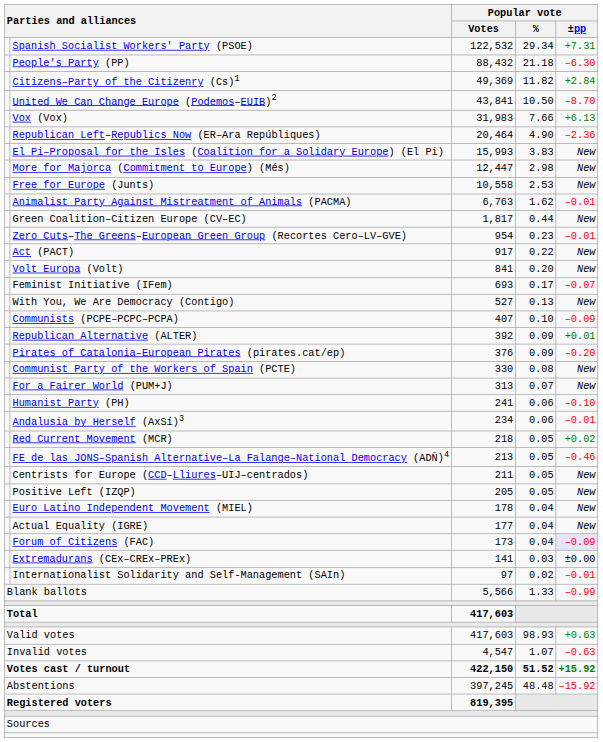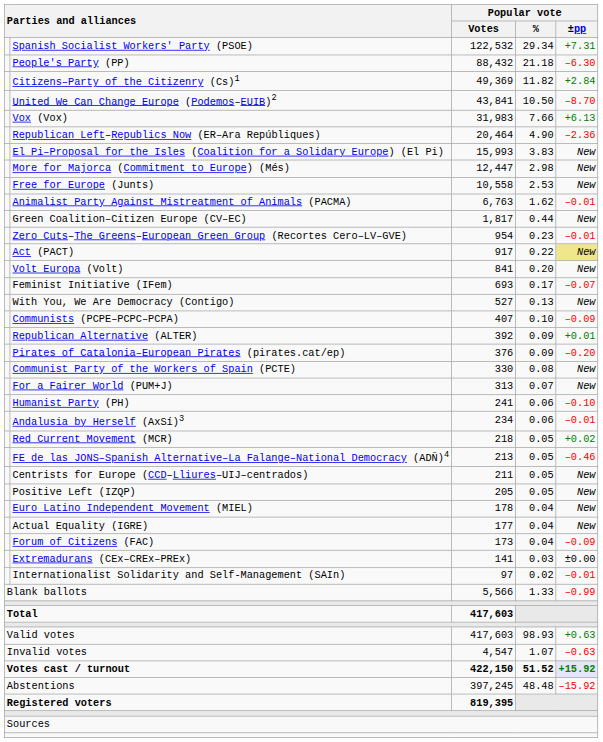 <table class="wikitable" style="text-align:right;">
 <tr>
 <th style="text-align:left;" rowspan="2" colspan="2" width="525">Parties and alliances</th>
 <th colspan="3">Popular vote</th>
 </tr>
 <tr>
 <th width="75">Votes</th>
 <th width="45">%</th>
 <th width="45">±<a href='#'>pp</a></th>
 </tr>
 <tr>
 <td width="1" style="color:inherit;background:"></td>
 <td align="left"><a href='#'>Spanish Socialist Workers' Party</a> (PSOE)</td>
 <td>122,532</td>
 <td>29.34</td>
 <td style="color:green;">+7.31</td>
 </tr>
 <tr>
 <td style="color:inherit;background:"></td>
 <td align="left"><a href='#'>People's Party</a> (PP)</td>
 <td>88,432</td>
 <td>21.18</td>
 <td style="color:red;">–6.30</td>
 </tr>
 <tr>
 <td style="color:inherit;background:"></td>
 <td align="left"><a href='#'>Citizens–Party of the Citizenry</a> (Cs)<sup>1</sup></td>
 <td>49,369</td>
 <td>11.82</td>
 <td style="color:green;">+2.84</td>
 </tr>
 <tr>
 <td style="color:inherit;background:"></td>
 <td align="left"><a href='#'>United We Can Change Europe</a> (<a href='#'>Podemos</a>–<a href='#'>EUIB</a>)<sup>2</sup></td>
 <td>43,841</td>
 <td>10.50</td>
 <td style="color:red;">–8.70</td>
 </tr>
 <tr>
 <td style="color:inherit;background:"></td>
 <td align="left"><a href='#'>Vox</a> (Vox)</td>
 <td>31,983</td>
 <td>7.66</td>
 <td style="color:green;">+6.13</td>
 </tr>
 <tr>
 <td style="color:inherit;background:"></td>
 <td align="left"><a href='#'>Republican Left</a>–<a href='#'>Republics Now</a> (ER–Ara Repúbliques)</td>
 <td>20,464</td>
 <td>4.90</td>
 <td style="color:red;">–2.36</td>
 </tr>
 <tr>
 <td style="color:inherit;background:"></td>
 <td align="left"><a href='#'>El Pi–Proposal for the Isles</a> (<a href='#'>Coalition for a Solidary Europe</a>) (El Pi)</td>
 <td>15,993</td>
 <td>3.83</td>
 <td><em>New</em></td>
 </tr>
 <tr>
 <td style="color:inherit;background:"></td>
 <td align="left"><a href='#'>More for Majorca</a> (<a href='#'>Commitment to Europe</a>) (Més)</td>
 <td>12,447</td>
 <td>2.98</td>
 <td><em>New</em></td>
 </tr>
 <tr>
 <td style="color:inherit;background:"></td>
 <td align="left"><a href='#'>Free for Europe</a> (Junts)</td>
 <td>10,558</td>
 <td>2.53</td>
 <td><em>New</em></td>
 </tr>
 <tr>
 <td style="color:inherit;background:"></td>
 <td align="left"><a href='#'>Animalist Party Against Mistreatment of Animals</a> (PACMA)</td>
 <td>6,763</td>
 <td>1.62</td>
 <td style="color:red;">–0.01</td>
 </tr>
 <tr>
 <td style="color:inherit;background:"></td>
 <td align="left">Green Coalition–Citizen Europe (CV–EC)</td>
 <td>1,817</td>
 <td>0.44</td>
 <td><em>New</em></td>
 </tr>
 <tr>
 <td style="color:inherit;background:"></td>
 <td align="left"><a href='#'>Zero Cuts</a>–<a href='#'>The Greens</a>–<a href='#'>European Green Group</a> (Recortes Cero–LV–GVE)</td>
 <td>954</td>
 <td>0.23</td>
 <td style="color:red;">–0.01</td>
 </tr>
 <tr>
 <td style="color:inherit;background:"></td>
 <td align="left"><a href='#'>Act</a> (PACT)</td>
 <td>917</td>
 <td>0.22</td>
-<td><em>New</em></td>
+<td style="background: khaki;"><em>New</em></td>
 </tr>
 <tr>
 <td style="color:inherit;background:"></td>
 <td align="left"><a href='#'>Volt Europa</a> (Volt)</td>
 <td>841</td>
 <td>0.20</td>
 <td><em>New</em></td>
 </tr>
 <tr>
 <td style="color:inherit;background:"></td>
 <td align="left">Feminist Initiative (IFem)</td>
 <td>693</td>
 <td>0.17</td>
 <td style="color:red;">–0.07</td>
 </tr>
 <tr>
 <td style="color:inherit;background:"></td>
 <td align="left">With You, We Are Democracy (Contigo)</td>
 <td>527</td>
 <td>0.13</td>
 <td><em>New</em></td>
 </tr>
 <tr>
 <td style="color:inherit;background:"></td>
 <td align="left"><a href='#'>Communists</a> (PCPE–PCPC–PCPA)</td>
 <td>407</td>
 <td>0.10</td>
 <td style="color:red;">–0.09</td>
 </tr>
 <tr>
 <td style="color:inherit;background:"></td>
 <td align="left"><a href='#'>Republican Alternative</a> (ALTER)</td>
 <td>392</td>
 <td>0.09</td>
 <td style="color:green;">+0.01</td>
 </tr>
 <tr>
 <td style="color:inherit;background:"></td>
 <td align="left"><a href='#'>Pirates of Catalonia–European Pirates</a> (pirates.cat/ep)</td>
 <td>376</td>
 <td>0.09</td>
 <td style="color:red;">–0.20</td>
 </tr>
 <tr>
 <td style="color:inherit;background:"></td>
 <td align="left"><a href='#'>Communist Party of the Workers of Spain</a> (PCTE)</td>
 <td>330</td>
 <td>0.08</td>
 <td><em>New</em></td>
 </tr>
 <tr>
 <td style="color:inherit;background:"></td>
 <td align="left"><a href='#'>For a Fairer World</a> (PUM+J)</td>
 <td>313</td>
 <td>0.07</td>
 <td><em>New</em></td>
 </tr>
 <tr>
 <td style="color:inherit;background:"></td>
 <td align="left"><a href='#'>Humanist Party</a> (PH)</td>
 <td>241</td>
 <td>0.06</td>
 <td style="color:red;">–0.10</td>
 </tr>
 <tr>
 <td style="color:inherit;background:"></td>
 <td align="left"><a href='#'>Andalusia by Herself</a> (AxSí)<sup>3</sup></td>
 <td>234</td>
 <td>0.06</td>
 <td style="color:red;">–0.01</td>
 </tr>
 <tr>
 <td style="color:inherit;background:"></td>
 <td align="left"><a href='#'>Red Current Movement</a> (MCR)</td>
 <td>218</td>
 <td>0.05</td>
 <td style="color:green;">+0.02</td>
 </tr>
 <tr>
 <td style="color:inherit;background:"></td>
 <td align="left"><a href='#'>FE de las JONS–Spanish Alternative–La Falange–National Democracy</a> (ADÑ)<sup>4</sup></td>
 <td>213</td>
 <td>0.05</td>
 <td style="color:red;">–0.46</td>
 </tr>
 <tr>
 <td style="color:inherit;background:"></td>
 <td align="left">Centrists for Europe (<a href='#'>CCD</a>–<a href='#'>Lliures</a>–UIJ–centrados)</td>
 <td>211</td>
 <td>0.05</td>
 <td><em>New</em></td>
 </tr>
 <tr>
 <td style="color:inherit;background:"></td>
 <td align="left">Positive Left (IZQP)</td>
 <td>205</td>
 <td>0.05</td>
 <td><em>New</em></td>
 </tr>
 <tr>
 <td style="color:inherit;background:"></td>
 <td align="left"><a href='#'>Euro Latino Independent Movement</a> (MIEL)</td>
 <td>178</td>
 <td>0.04</td>
 <td><em>New</em></td>
 </tr>
 <tr>
 <td style="color:inherit;background:"></td>
 <td align="left">Actual Equality (IGRE)</td>
 <td>177</td>
 <td>0.04</td>
 <td><em>New</em></td>
 </tr>
 <tr>
 <td style="color:inherit;background:"></td>
 <td align="left"><a href='#'>Forum of Citizens</a> (FAC)</td>
 <td>173</td>
 <td>0.04</td>
-<td style="background: lavender; color:red;">–0.09</td>
+<td style="color:red;">–0.09</td>
 </tr>
 <tr>
 <td style="color:inherit;background:"></td>
 <td align="left"><a href='#'>Extremadurans</a> (CEx–CREx–PREx)</td>
 <td>141</td>
 <td>0.03</td>
 <td>±0.00</td>
 </tr>
 <tr>
 <td style="color:inherit;background:"></td>
 <td align="left">Internationalist Solidarity and Self-Management (SAIn)</td>
 <td>97</td>
 <td>0.02</td>
 <td style="color:red;">–0.01</td>
 </tr>
 <tr>
 <td align="left" colspan="2">Blank ballots</td>
 <td>5,566</td>
 <td>1.33</td>
 <td style="color:red;">–0.99</td>
 </tr>
 <tr>
 <td colspan="5" bgcolor="#E9E9E9"></td>
 </tr>
 <tr style="font-weight:bold;">
 <td align="left" colspan="2">Total</td>
 <td>417,603</td>
 <td bgcolor="#E9E9E9" colspan="2"></td>
 </tr>
 <tr>
 <td colspan="5" bgcolor="#E9E9E9"></td>
 </tr>
 <tr>
 <td align="left" colspan="2">Valid votes</td>
 <td>417,603</td>
 <td>98.93</td>
 <td style="color:green;">+0.63</td>
 </tr>
 <tr>
 <td align="left" colspan="2">Invalid votes</td>
 <td>4,547</td>
 <td>1.07</td>
 <td style="color:red;">–0.63</td>
 </tr>
 <tr style="font-weight:bold;">
 <td align="left" colspan="2">Votes cast / turnout</td>
 <td>422,150</td>
 <td>51.52</td>
-<td style="color:green;">+15.92</td>
+<td style="background: lavender; color:green;">+15.92</td>
 </tr>
 <tr>
 <td align="left" colspan="2">Abstentions</td>
 <td>397,245</td>
 <td>48.48</td>
 <td style="color:red;">–15.92</td>
 </tr>
 <tr style="font-weight:bold;">
 <td align="left" colspan="2">Registered voters</td>
 <td>819,395</td>
 <td bgcolor="#E9E9E9" colspan="2"></td>
 </tr>
 <tr>
 <td colspan="5" bgcolor="#E9E9E9"></td>
 </tr>
 <tr>
 <td align="left" colspan="5">Sources</td>
 </tr>
 <tr>
 <td colspan="5" style="text-align:left; max-width:680px;"></td>
 </tr>
 </table>
